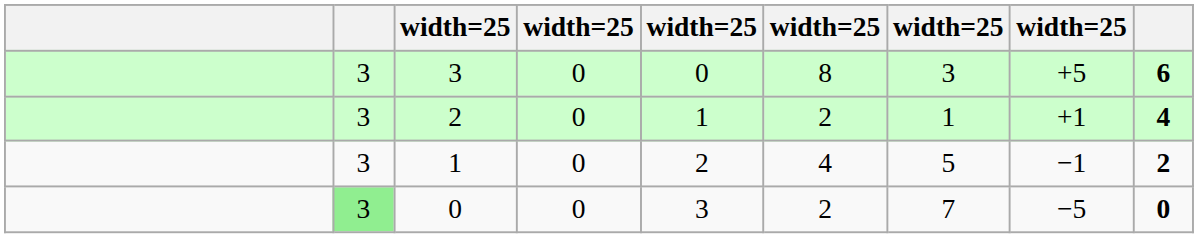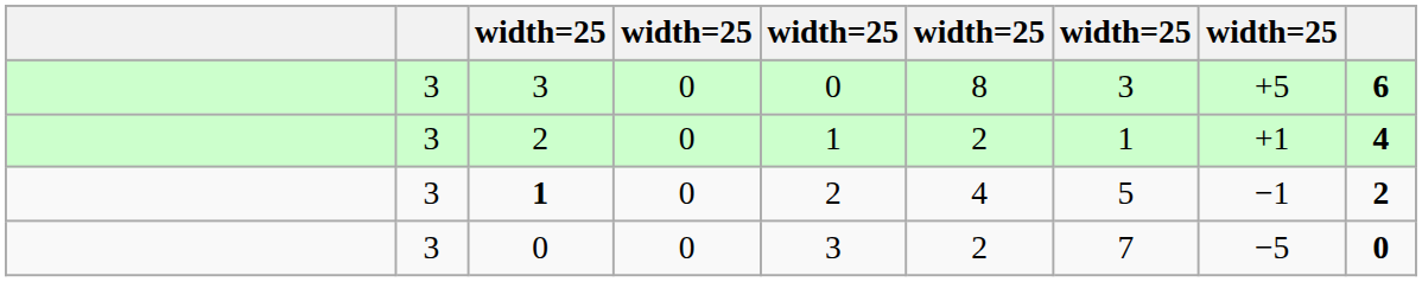 <table class="wikitable" style="text-align: center; font-size: 90%;">
 <tr>
 <th width=165></th>
 <th width=25></th>
 <th>width=25</th>
 <th>width=25</th>
 <th>width=25</th>
 <th>width=25</th>
 <th>width=25</th>
 <th>width=25</th>
 <th width=25></th>
 </tr>
 <tr bgcolor="#ccffcc">
 <td align="left"></td>
 <td>3</td>
 <td>3</td>
 <td>0</td>
 <td>0</td>
 <td>8</td>
 <td>3</td>
 <td>+5</td>
 <td><strong>6</strong></td>
 </tr>
 <tr bgcolor="#ccffcc">
 <td align="left"></td>
 <td>3</td>
 <td>2</td>
 <td>0</td>
 <td>1</td>
 <td>2</td>
 <td>1</td>
 <td>+1</td>
 <td><strong>4</strong></td>
 </tr>
 <tr>
 <td align="left"></td>
 <td>3</td>
-<td>1</td>
+<td><strong>1</strong></td>
 <td>0</td>
 <td>2</td>
 <td>4</td>
 <td>5</td>
 <td>−1</td>
 <td><strong>2</strong></td>
 </tr>
 <tr>
 <td align="left"></td>
-<td style="background: lightgreen;">3</td>
+<td>3</td>
 <td>0</td>
 <td>0</td>
 <td>3</td>
 <td>2</td>
 <td>7</td>
 <td>−5</td>
 <td><strong>0</strong></td>
 </tr>
 </table>
